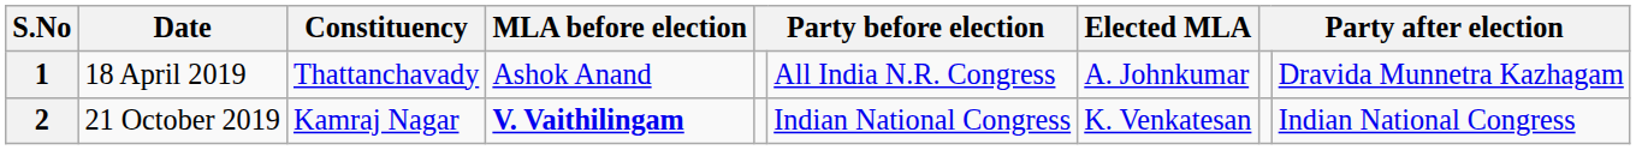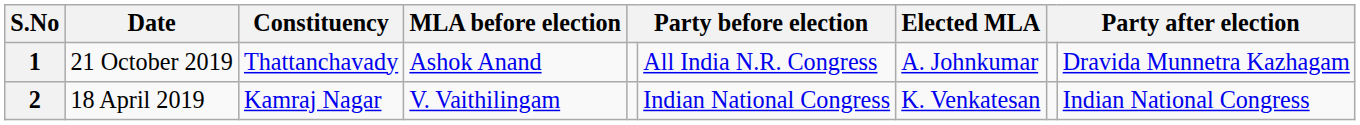 <table class="wikitable sortable">
 <tr>
 <th>S.No</th>
 <th>Date</th>
 <th>Constituency</th>
 <th>MLA before election</th>
 <th colspan="2">Party before election</th>
 <th>Elected MLA</th>
 <th colspan="2">Party after election</th>
 </tr>
 <tr>
 <th>1</th>
-<td>18 April 2019</td>
+<td>21 October 2019</td>
 <td><a href='#'>Thattanchavady</a></td>
 <td><a href='#'>Ashok Anand</a></td>
 <td></td>
 <td><a href='#'>All India N.R. Congress</a></td>
 <td><a href='#'>A. Johnkumar</a></td>
 <td></td>
 <td><a href='#'>Dravida Munnetra Kazhagam</a></td>
 </tr>
 <tr>
 <th>2</th>
-<td>21 October 2019</td>
+<td>18 April 2019</td>
 <td><a href='#'>Kamraj Nagar</a></td>
-<td><strong><a href='#'>V. Vaithilingam</a></strong></td>
+<td><a href='#'>V. Vaithilingam</a></td>
 <td></td>
 <td><a href='#'>Indian National Congress</a></td>
 <td><a href='#'>K. Venkatesan</a></td>
 <td></td>
 <td><a href='#'>Indian National Congress</a></td>
 </tr>
 </table>
